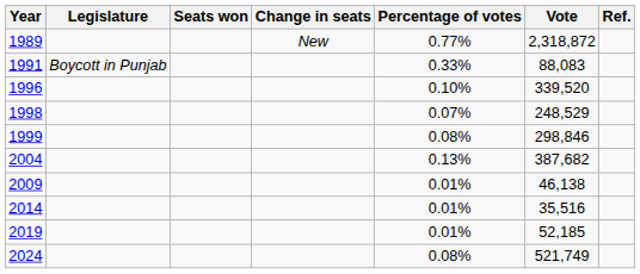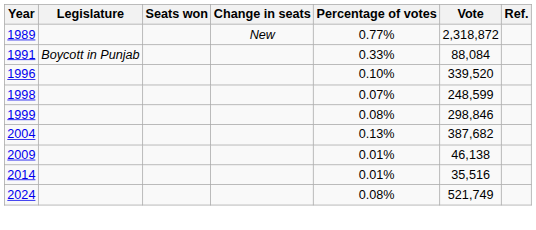 <table class="wikitable" style="text-align:center">
 <tr>
 <th Style="background-color:">Year</th>
 <th Style="background-color:">Legislature</th>
 <th Style="background-color:">Seats won</th>
 <th Style="background-color:">Change in seats</th>
 <th Style="background-color:">Percentage of votes</th>
 <th Style="background-color:">Vote</th>
 <th Style="background-color:">Ref.</th>
 </tr>
 <tr>
 <td><a href='#'>1989</a></td>
 <td></td>
 <td></td>
 <td><em>New</em></td>
 <td>0.77%</td>
 <td>2,318,872</td>
 <td></td>
 </tr>
 <tr>
 <td><a href='#'>1991</a></td>
 <td><em>Boycott in Punjab</em></td>
 <td></td>
 <td></td>
 <td>0.33%</td>
-<td>88,083</td>
+<td>88,084</td>
 <td></td>
 </tr>
 <tr>
 <td><a href='#'>1996</a></td>
 <td></td>
 <td></td>
 <td></td>
 <td>0.10%</td>
 <td>339,520</td>
 <td></td>
 </tr>
 <tr>
 <td><a href='#'>1998</a></td>
 <td></td>
 <td></td>
 <td></td>
 <td>0.07%</td>
-<td>248,529</td>
+<td>248,599</td>
 <td></td>
 </tr>
 <tr>
 <td><a href='#'>1999</a></td>
 <td></td>
 <td></td>
 <td></td>
 <td>0.08%</td>
 <td>298,846</td>
 <td></td>
 </tr>
 <tr>
 <td><a href='#'>2004</a></td>
 <td></td>
 <td></td>
 <td></td>
 <td>0.13%</td>
 <td>387,682</td>
 <td></td>
 </tr>
 <tr>
 <td><a href='#'>2009</a></td>
 <td></td>
 <td></td>
 <td></td>
 <td>0.01%</td>
 <td>46,138</td>
 <td></td>
 </tr>
 <tr>
 <td><a href='#'>2014</a></td>
 <td></td>
 <td></td>
 <td></td>
 <td>0.01%</td>
 <td>35,516</td>
 <td></td>
 </tr>
 <tr>
-<td><a href='#'>2019</a></td>
-<td></td>
-<td></td>
-<td></td>
-<td>0.01%</td>
-<td>52,185</td>
-<td></td>
-</tr>
-<tr>
 <td><a href='#'>2024</a></td>
 <td></td>
 <td></td>
 <td></td>
 <td>0.08%</td>
 <td>521,749</td>
 <td></td>
 </tr>
 </table>
